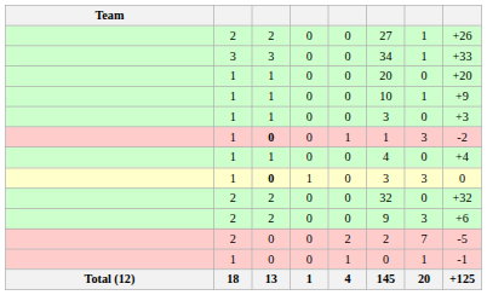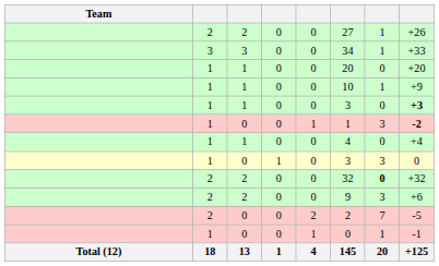 <table class="wikitable sortable" style="font-size:95%; text-align:center">
 <tr>
 <th width=250>Team</th>
 <th width=40></th>
 <th width=40></th>
 <th width=40></th>
 <th width=40></th>
 <th width=40></th>
 <th width=40></th>
 <th width=40></th>
 </tr>
 <tr style="background:#ccffcc;">
 <td style="text-align:left;"></td>
 <td>2</td>
 <td>2</td>
 <td>0</td>
 <td>0</td>
 <td>27</td>
 <td>1</td>
 <td>+26</td>
 </tr>
 <tr style="background:#ccffcc;">
 <td style="text-align:left;"></td>
 <td>3</td>
 <td>3</td>
 <td>0</td>
 <td>0</td>
 <td>34</td>
 <td>1</td>
 <td>+33</td>
 </tr>
 <tr style="background:#ccffcc;">
 <td style="text-align:left;"></td>
 <td>1</td>
 <td>1</td>
 <td>0</td>
 <td>0</td>
 <td>20</td>
 <td>0</td>
 <td>+20</td>
 </tr>
 <tr style="background:#ccffcc;">
 <td style="text-align:left;"></td>
 <td>1</td>
 <td>1</td>
 <td>0</td>
 <td>0</td>
 <td>10</td>
 <td>1</td>
 <td>+9</td>
 </tr>
 <tr style="background:#ccffcc;">
 <td style="text-align:left;"></td>
 <td>1</td>
 <td>1</td>
 <td>0</td>
 <td>0</td>
 <td>3</td>
 <td>0</td>
-<td>+3</td>
+<td><strong>+3</strong></td>
 </tr>
 <tr style="background:#ffcccc;">
 <td style="text-align:left;"></td>
 <td>1</td>
-<td><strong>0</strong></td>
+<td>0</td>
 <td>0</td>
 <td>1</td>
 <td>1</td>
 <td>3</td>
-<td>-2</td>
+<td><strong>-2</strong></td>
 </tr>
 <tr style="background:#ccffcc;">
 <td style="text-align:left;"></td>
 <td>1</td>
 <td>1</td>
 <td>0</td>
 <td>0</td>
 <td>4</td>
 <td>0</td>
 <td>+4</td>
 </tr>
 <tr style="background:#ffffcc;">
 <td style="text-align:left;"></td>
 <td>1</td>
-<td><strong>0</strong></td>
+<td>0</td>
 <td>1</td>
 <td>0</td>
 <td>3</td>
 <td>3</td>
 <td>0</td>
 </tr>
 <tr style="background:#ccffcc;">
 <td style="text-align:left;"></td>
 <td>2</td>
 <td>2</td>
 <td>0</td>
 <td>0</td>
 <td>32</td>
-<td>0</td>
+<td><strong>0</strong></td>
 <td>+32</td>
 </tr>
 <tr style="background:#ccffcc;">
 <td style="text-align:left;"></td>
 <td>2</td>
 <td>2</td>
 <td>0</td>
 <td>0</td>
 <td>9</td>
 <td>3</td>
 <td>+6</td>
 </tr>
 <tr style="background:#ffcccc;">
 <td style="text-align:left;"></td>
 <td>2</td>
 <td>0</td>
 <td>0</td>
 <td>2</td>
 <td>2</td>
 <td>7</td>
 <td>-5</td>
 </tr>
 <tr style="background:#ffcccc;">
 <td style="text-align:left;"></td>
 <td>1</td>
 <td>0</td>
 <td>0</td>
 <td>1</td>
 <td>0</td>
 <td>1</td>
 <td>-1</td>
 </tr>
 <tr>
 <th>Total (12)</th>
 <th>18</th>
 <th>13</th>
 <th>1</th>
 <th>4</th>
 <th>145</th>
 <th>20</th>
 <th>+125</th>
 </tr>
 </table>
